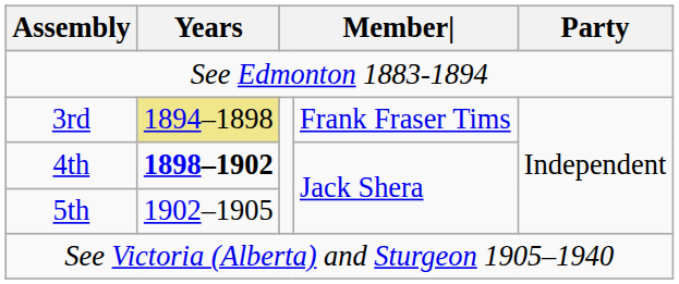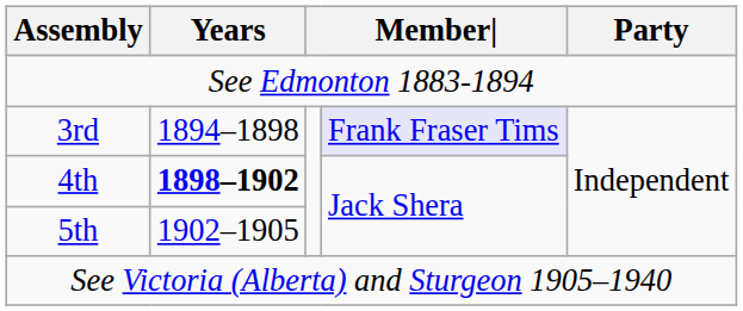 <table class=wikitable align=right>
 <tr>
 <th>Assembly</th>
 <th>Years</th>
 <th colspan="2">Member|</th>
 <th>Party</th>
 </tr>
 <tr>
 <td colspan=5 align=center><em>See <a href='#'>Edmonton</a> 1883-1894</em></td>
 </tr>
 <tr>
 <td align=center><a href='#'>3rd</a></td>
-<td style="background: khaki;"><a href='#'>1894</a>–1898</td>
+<td><a href='#'>1894</a>–1898</td>
 <td rowspan=3 ></td>
-<td><a href='#'>Frank Fraser Tims</a></td>
+<td style="background: lavender;"><a href='#'>Frank Fraser Tims</a></td>
 <td rowspan=3>Independent</td>
 </tr>
 <tr>
 <td align=center><a href='#'>4th</a></td>
 <td><strong><a href='#'>1898</a>–1902</strong></td>
 <td rowspan=2><a href='#'>Jack Shera</a></td>
 </tr>
 <tr>
 <td align=center><a href='#'>5th</a></td>
 <td><a href='#'>1902</a>–1905</td>
 </tr>
 <tr>
 <td align=center colspan=5><em>See <a href='#'>Victoria (Alberta)</a> and <a href='#'>Sturgeon</a> 1905–1940</em></td>
 </tr>
 </table>
